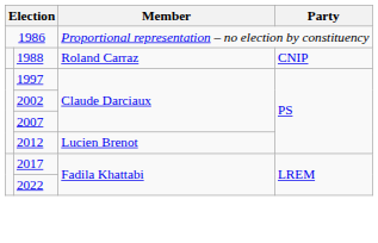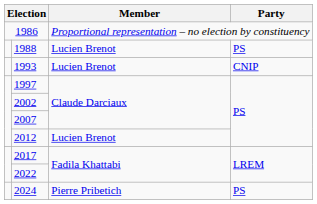 <table class="wikitable">
 <tr>
 <th colspan="2">Election</th>
 <th>Member</th>
 <th>Party</th>
 </tr>
 <tr>
 <td colspan="2" align="center"><a href='#'>1986</a></td>
 <td colspan="2"><em><a href='#'>Proportional representation</a> – no election by constituency</em></td>
 </tr>
 <tr>
 <td style="color:inherit;background-color: "></td>
 <td><a href='#'>1988</a></td>
-<td><a href='#'>Roland Carraz</a></td>
+<td><a href='#'>Lucien Brenot</a></td>
+<td><a href='#'>PS</a></td>
+</tr>
+<tr>
+<td style="color:inherit;background-color: "></td>
+<td><a href='#'>1993</a></td>
+<td><a href='#'>Lucien Brenot</a></td>
 <td><a href='#'>CNIP</a></td>
 </tr>
 <tr>
 <td rowspan="4" style="color:inherit;background-color: "></td>
 <td><a href='#'>1997</a></td>
 <td rowspan="3"><a href='#'>Claude Darciaux</a></td>
 <td rowspan="4"><a href='#'>PS</a></td>
 </tr>
 <tr>
 <td><a href='#'>2002</a></td>
 </tr>
 <tr>
 <td><a href='#'>2007</a></td>
 </tr>
 <tr>
 <td><a href='#'>2012</a></td>
 <td><a href='#'>Lucien Brenot</a></td>
 </tr>
 <tr>
 <td rowspan="2" style="color:inherit;background-color: "></td>
 <td><a href='#'>2017</a></td>
 <td rowspan="2"><a href='#'>Fadila Khattabi</a></td>
 <td rowspan="2"><a href='#'>LREM</a></td>
 </tr>
 <tr>
 <td><a href='#'>2022</a></td>
 </tr>
+<tr>
+<td style="color:inherit;background-color: "></td>
+<td><a href='#'>2024</a></td>
+<td><a href='#'>Pierre Pribetich</a></td>
+<td><a href='#'>PS</a></td>
+</tr>
 </table>
